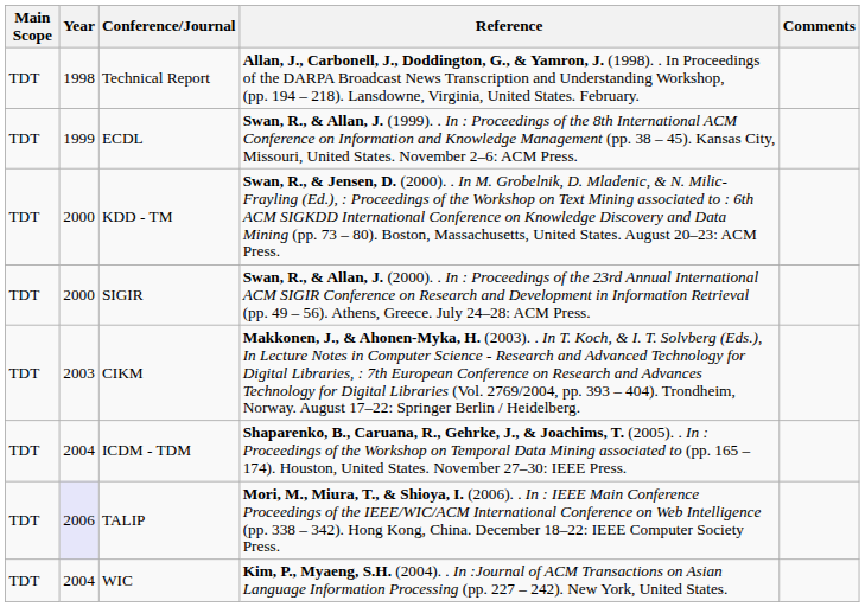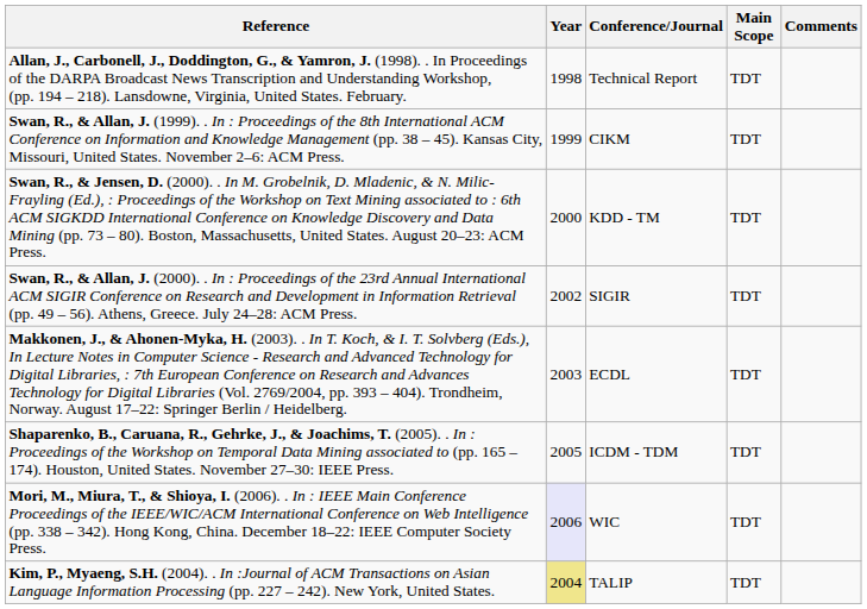 <table class="wikitable sortable">
 <tr>
-<th>Main Scope</th>
+<th>Reference</th>
 <th>Year</th>
 <th>Conference/Journal</th>
-<th>Reference</th>
+<th>Main Scope</th>
 <th>Comments</th>
 </tr>
 <tr>
-<td>TDT</td>
+<td><strong>Allan, J., Carbonell, J., Doddington, G., & Yamron, J.</strong> (1998). . In Proceedings of the DARPA Broadcast News Transcription and Understanding Workshop, (pp. 194 – 218). Lansdowne, Virginia, United States. February.</td>
 <td>1998</td>
 <td>Technical Report</td>
-<td><strong>Allan, J., Carbonell, J., Doddington, G., & Yamron, J.</strong> (1998). . In Proceedings of the DARPA Broadcast News Transcription and Understanding Workshop, (pp. 194 – 218). Lansdowne, Virginia, United States. February.</td>
+<td>TDT</td>
 <td></td>
 </tr>
 <tr>
+<td><strong>Swan, R., & Allan, J.</strong> (1999). . <em>In : Proceedings of the 8th International ACM Conference on Information and Knowledge Management</em> (pp. 38 – 45). Kansas City, Missouri, United States. November 2–6: ACM Press.</td>
+<td>1999</td>
+<td>CIKM</td>
 <td>TDT</td>
-<td>1999</td>
-<td>ECDL</td>
-<td><strong>Swan, R., & Allan, J.</strong> (1999). . <em>In : Proceedings of the 8th International ACM Conference on Information and Knowledge Management</em> (pp. 38 – 45). Kansas City, Missouri, United States. November 2–6: ACM Press.</td>
 <td></td>
 </tr>
 <tr>
-<td>TDT</td>
+<td><strong>Swan, R., & Jensen, D.</strong> (2000). . <em>In M. Grobelnik, D. Mladenic, & N. Milic-Frayling (Ed.), : Proceedings of the Workshop on Text Mining associated to : 6th ACM SIGKDD International Conference on Knowledge Discovery and Data Mining</em> (pp. 73 – 80). Boston, Massachusetts, United States. August 20–23: ACM Press.</td>
 <td>2000</td>
 <td>KDD - TM</td>
-<td><strong>Swan, R., & Jensen, D.</strong> (2000). . <em>In M. Grobelnik, D. Mladenic, & N. Milic-Frayling (Ed.), : Proceedings of the Workshop on Text Mining associated to : 6th ACM SIGKDD International Conference on Knowledge Discovery and Data Mining</em> (pp. 73 – 80). Boston, Massachusetts, United States. August 20–23: ACM Press.</td>
+<td>TDT</td>
 <td></td>
 </tr>
 <tr>
+<td><strong>Swan, R., & Allan, J.</strong> (2000). . <em>In : Proceedings of the 23rd Annual International ACM SIGIR Conference on Research and Development in Information Retrieval</em> (pp. 49 – 56). Athens, Greece. July 24–28: ACM Press.</td>
+<td>2002</td>
+<td>SIGIR</td>
 <td>TDT</td>
-<td>2000</td>
-<td>SIGIR</td>
-<td><strong>Swan, R., & Allan, J.</strong> (2000). . <em>In : Proceedings of the 23rd Annual International ACM SIGIR Conference on Research and Development in Information Retrieval</em> (pp. 49 – 56). Athens, Greece. July 24–28: ACM Press.</td>
 <td></td>
 </tr>
 <tr>
+<td><strong>Makkonen, J., & Ahonen-Myka, H.</strong> (2003). . <em>In T. Koch, & I. T. Solvberg (Eds.), In Lecture Notes in Computer Science - Research and Advanced Technology for Digital Libraries, : 7th European Conference on Research and Advances Technology for Digital Libraries</em> (Vol. 2769/2004, pp. 393 – 404). Trondheim, Norway. August 17–22: Springer Berlin / Heidelberg.</td>
+<td>2003</td>
+<td>ECDL</td>
 <td>TDT</td>
-<td>2003</td>
-<td>CIKM</td>
-<td><strong>Makkonen, J., & Ahonen-Myka, H.</strong> (2003). . <em>In T. Koch, & I. T. Solvberg (Eds.), In Lecture Notes in Computer Science - Research and Advanced Technology for Digital Libraries, : 7th European Conference on Research and Advances Technology for Digital Libraries</em> (Vol. 2769/2004, pp. 393 – 404). Trondheim, Norway. August 17–22: Springer Berlin / Heidelberg.</td>
 <td></td>
 </tr>
 <tr>
+<td><strong>Shaparenko, B., Caruana, R., Gehrke, J., & Joachims, T.</strong> (2005). . <em>In : Proceedings of the Workshop on Temporal Data Mining associated to </em> (pp. 165 – 174). Houston, United States. November 27–30: IEEE Press.</td>
+<td>2005</td>
+<td>ICDM - TDM</td>
 <td>TDT</td>
-<td>2004</td>
-<td>ICDM - TDM</td>
-<td><strong>Shaparenko, B., Caruana, R., Gehrke, J., & Joachims, T.</strong> (2005). . <em>In : Proceedings of the Workshop on Temporal Data Mining associated to </em> (pp. 165 – 174). Houston, United States. November 27–30: IEEE Press.</td>
 <td></td>
 </tr>
 <tr>
+<td><strong>Mori, M., Miura, T., & Shioya, I.</strong> (2006). . <em>In : IEEE Main Conference Proceedings of the IEEE/WIC/ACM International Conference on Web Intelligence</em> (pp. 338 – 342). Hong Kong, China. December 18–22: IEEE Computer Society Press.</td>
+<td style="background: lavender;">2006</td>
+<td>WIC</td>
 <td>TDT</td>
-<td style="background: lavender;">2006</td>
-<td>TALIP</td>
-<td><strong>Mori, M., Miura, T., & Shioya, I.</strong> (2006). . <em>In : IEEE Main Conference Proceedings of the IEEE/WIC/ACM International Conference on Web Intelligence</em> (pp. 338 – 342). Hong Kong, China. December 18–22: IEEE Computer Society Press.</td>
 <td></td>
 </tr>
 <tr>
+<td><strong>Kim, P., Myaeng, S.H.</strong> (2004). . <em>In :Journal of ACM Transactions on Asian Language Information Processing</em> (pp. 227 – 242). New York, United States.</td>
+<td style="background: khaki;">2004</td>
+<td>TALIP</td>
 <td>TDT</td>
-<td>2004</td>
-<td>WIC</td>
-<td><strong>Kim, P., Myaeng, S.H.</strong> (2004). . <em>In :Journal of ACM Transactions on Asian Language Information Processing</em> (pp. 227 – 242). New York, United States.</td>
 <td></td>
 </tr>
 </table>
